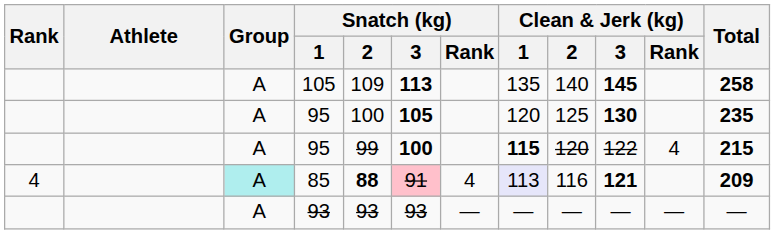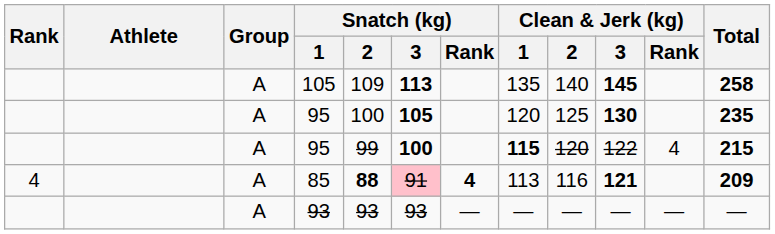 <table class = "wikitable" style="text-align:center;">
 <tr>
 <th rowspan=2 width=40>Rank</th>
 <th rowspan=2 width=250>Athlete</th>
 <th rowspan=2 width=50>Group</th>
 <th colspan=4>Snatch (kg)</th>
 <th colspan=4>Clean & Jerk (kg)</th>
 <th rowspan=2 width=60>Total</th>
 </tr>
 <tr>
 <th width=40>1</th>
 <th width=40>2</th>
 <th width=40>3</th>
 <th width=40>Rank</th>
 <th width=40>1</th>
 <th width=40>2</th>
 <th width=40>3</th>
 <th width=40>Rank</th>
 </tr>
 <tr>
 <td></td>
 <td align=left></td>
 <td>A</td>
 <td>105</td>
 <td>109</td>
 <td><strong>113</strong></td>
 <td></td>
 <td>135</td>
 <td>140</td>
 <td><strong>145</strong></td>
 <td></td>
 <td><strong>258</strong></td>
 </tr>
 <tr>
 <td></td>
 <td align=left></td>
 <td>A</td>
 <td>95</td>
 <td>100</td>
 <td><strong>105</strong></td>
 <td></td>
 <td>120</td>
 <td>125</td>
 <td><strong>130</strong></td>
 <td></td>
 <td><strong>235</strong></td>
 </tr>
 <tr>
 <td></td>
 <td align=left></td>
 <td>A</td>
 <td>95</td>
 <td><s>99</s></td>
 <td><strong>100</strong></td>
 <td></td>
 <td><strong>115</strong></td>
 <td><s>120</s></td>
 <td><s>122</s></td>
 <td>4</td>
 <td><strong>215</strong></td>
 </tr>
 <tr>
 <td>4</td>
 <td align=left></td>
-<td style="background: paleturquoise;">A</td>
+<td>A</td>
 <td>85</td>
 <td><strong>88</strong></td>
 <td style="background: pink;"><s>91</s></td>
-<td>4</td>
-<td style="background: lavender;">113</td>
+<td><strong>4</strong></td>
+<td>113</td>
 <td>116</td>
 <td><strong>121</strong></td>
 <td></td>
 <td><strong>209</strong></td>
 </tr>
 <tr —>
 <td></td>
 <td align=left></td>
 <td>A</td>
 <td><s>93</s></td>
 <td><s>93</s></td>
 <td><s>93</s></td>
 <td>—</td>
 <td>—</td>
 <td>—</td>
 <td>—</td>
 <td>—</td>
 <td>—</td>
 </tr>
 </table>
